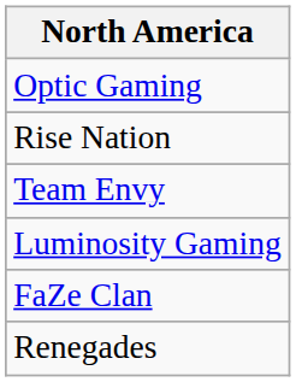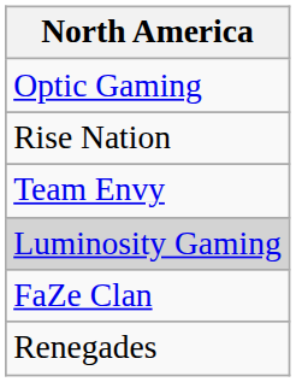 <table class="wikitable" style="display: inline-table;">
 <tr>
 <th>North America</th>
 </tr>
 <tr>
 <td><a href='#'>Optic Gaming</a></td>
 </tr>
 <tr>
 <td>Rise Nation</td>
 </tr>
 <tr>
 <td><a href='#'>Team Envy</a></td>
 </tr>
 <tr>
-<td><a href='#'>Luminosity Gaming</a></td>
+<td style="background: lightgrey;"><a href='#'>Luminosity Gaming</a></td>
 </tr>
 <tr>
 <td><a href='#'>FaZe Clan</a></td>
 </tr>
 <tr>
 <td>Renegades</td>
 </tr>
 </table>
